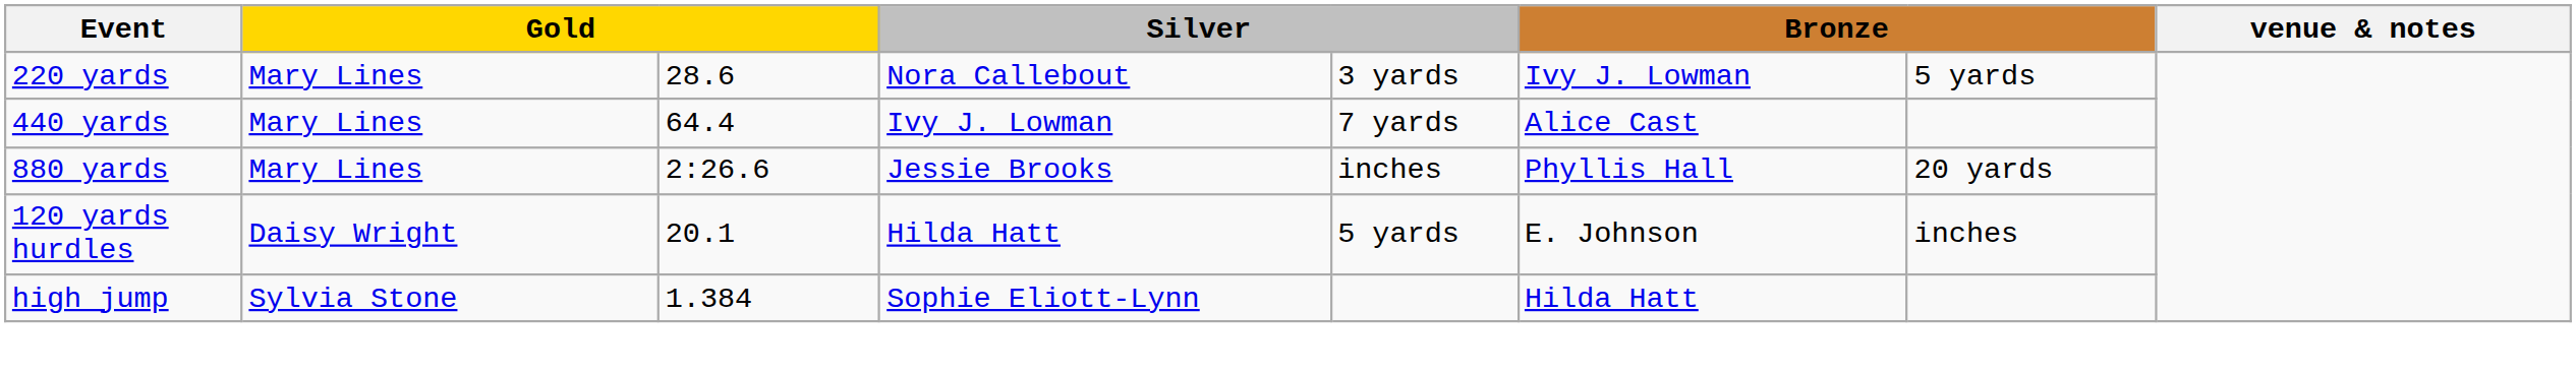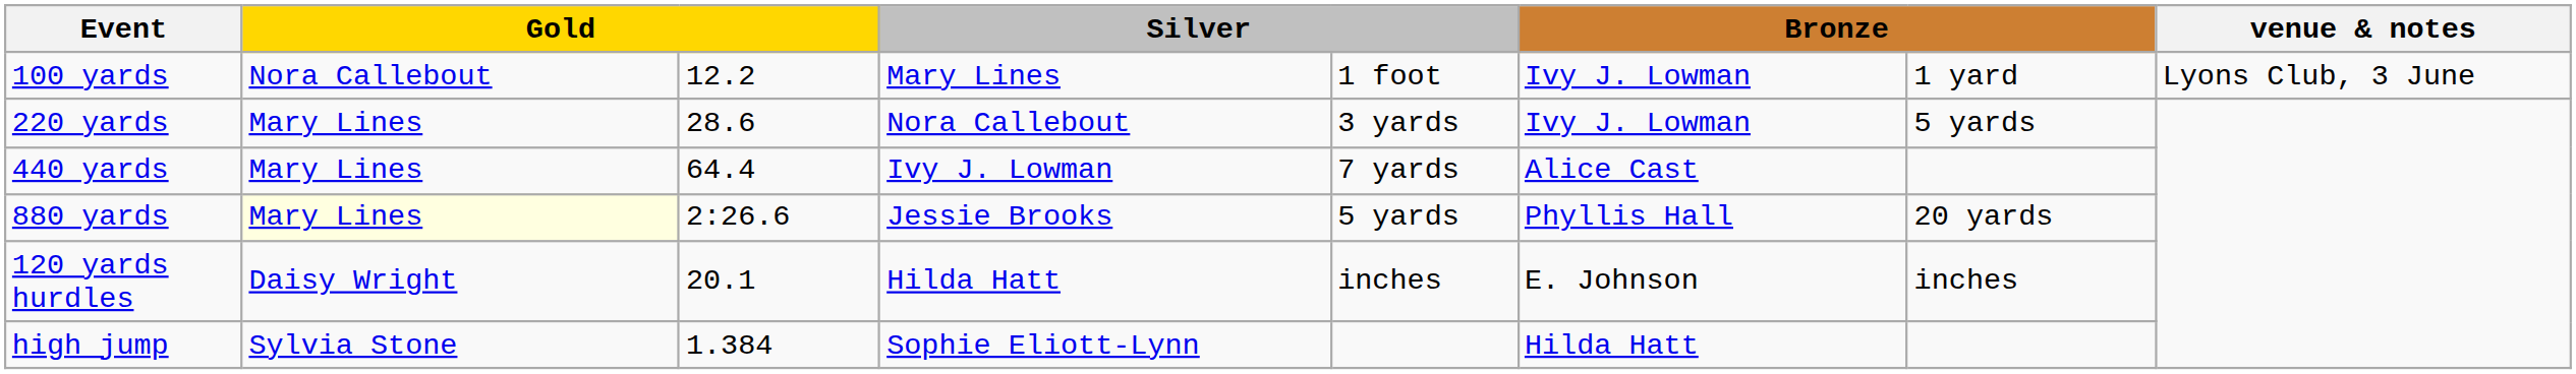 <table class="wikitable" style="text-align:left">
 <tr>
 <th width=100>Event</th>
 <th colspan="2" width="280" style="background:gold;">Gold</th>
 <th colspan="2" width="280" style="background:silver;">Silver</th>
 <th colspan="2" width="280" style="background:#CD7F32;">Bronze</th>
 <th width="180">venue & notes</th>
+</tr>
+<tr>
+<td><a href='#'>100 yards</a></td>
+<td><a href='#'>Nora Callebout</a></td>
+<td>12.2</td>
+<td><a href='#'>Mary Lines</a></td>
+<td>1 foot</td>
+<td><a href='#'>Ivy J. Lowman</a></td>
+<td>1 yard</td>
+<td>Lyons Club, 3 June</td>
 </tr>
 <tr>
 <td><a href='#'>220 yards</a></td>
 <td><a href='#'>Mary Lines</a></td>
 <td>28.6 </td>
 <td><a href='#'>Nora Callebout</a></td>
 <td>3 yards</td>
 <td><a href='#'>Ivy J. Lowman</a></td>
 <td>5 yards</td>
 </tr>
 <tr>
 <td><a href='#'>440 yards</a></td>
 <td><a href='#'>Mary Lines</a></td>
 <td>64.4 </td>
 <td><a href='#'>Ivy J. Lowman</a></td>
 <td>7 yards</td>
 <td><a href='#'>Alice Cast</a></td>
 <td></td>
 </tr>
 <tr>
 <td><a href='#'>880 yards</a></td>
-<td><a href='#'>Mary Lines</a></td>
+<td style="background: lightyellow;"><a href='#'>Mary Lines</a></td>
 <td>2:26.6 </td>
 <td><a href='#'>Jessie Brooks</a></td>
-<td>inches</td>
+<td>5 yards</td>
 <td><a href='#'>Phyllis Hall</a></td>
 <td>20 yards</td>
 </tr>
 <tr>
 <td><a href='#'>120 yards hurdles</a></td>
 <td><a href='#'>Daisy Wright</a></td>
 <td>20.1</td>
 <td><a href='#'>Hilda Hatt</a></td>
-<td>5 yards</td>
+<td>inches</td>
 <td>E. Johnson</td>
 <td>inches</td>
 </tr>
 <tr>
 <td><a href='#'>high jump</a></td>
 <td><a href='#'>Sylvia Stone</a></td>
 <td>1.384</td>
 <td><a href='#'>Sophie Eliott-Lynn</a></td>
 <td></td>
 <td><a href='#'>Hilda Hatt</a></td>
 <td></td>
 </tr>
 </table>
